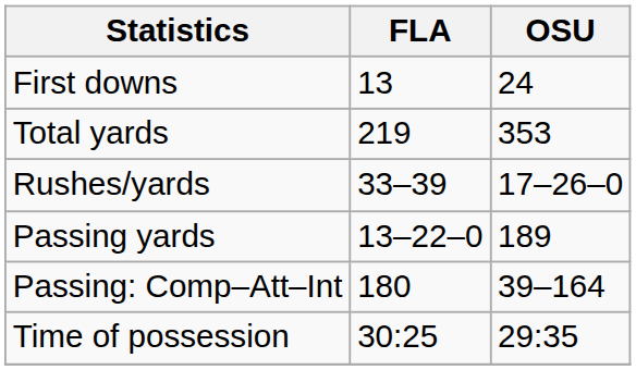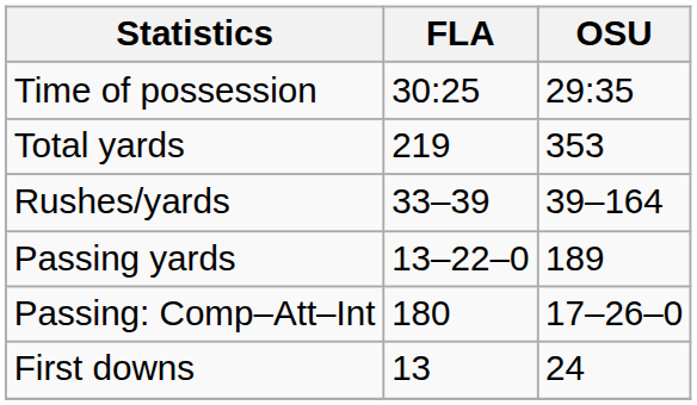 <table class="wikitable" style="float: left;">
 <tr>
 <th>Statistics</th>
 <th>FLA</th>
 <th>OSU</th>
 </tr>
 <tr>
-<td>First downs</td>
-<td>13</td>
-<td>24</td>
+<td>Time of possession</td>
+<td>30:25</td>
+<td>29:35</td>
 </tr>
 <tr>
 <td>Total yards</td>
 <td>219</td>
 <td>353</td>
 </tr>
 <tr>
 <td>Rushes/yards</td>
 <td>33–39</td>
-<td>17–26–0</td>
+<td>39–164</td>
 </tr>
 <tr>
 <td>Passing yards</td>
 <td>13–22–0</td>
 <td>189</td>
 </tr>
 <tr>
 <td>Passing: Comp–Att–Int</td>
 <td>180</td>
-<td>39–164</td>
+<td>17–26–0</td>
 </tr>
 <tr>
-<td>Time of possession</td>
-<td>30:25</td>
-<td>29:35</td>
+<td>First downs</td>
+<td>13</td>
+<td>24</td>
 </tr>
 <tr>
 </tr>
 </table>
